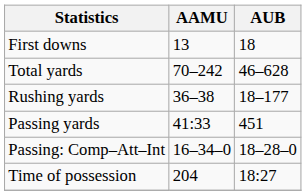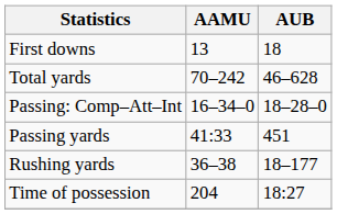 <table class="wikitable" style="float: left;">
 <tr>
 <th>Statistics</th>
 <th>AAMU</th>
 <th>AUB</th>
 </tr>
 <tr>
 <td>First downs</td>
 <td>13</td>
 <td>18</td>
 </tr>
 <tr>
 <td>Total yards</td>
 <td>70–242</td>
 <td>46–628</td>
 </tr>
 <tr>
-<td>Rushing yards</td>
-<td>36–38</td>
-<td>18–177</td>
+<td>Passing: Comp–Att–Int</td>
+<td>16–34–0</td>
+<td>18–28–0</td>
 </tr>
 <tr>
 <td>Passing yards</td>
 <td>41:33</td>
 <td>451</td>
 </tr>
 <tr>
-<td>Passing: Comp–Att–Int</td>
-<td>16–34–0</td>
-<td>18–28–0</td>
+<td>Rushing yards</td>
+<td>36–38</td>
+<td>18–177</td>
 </tr>
 <tr>
 <td>Time of possession</td>
 <td>204</td>
 <td>18:27</td>
 </tr>
 <tr>
 </tr>
 </table>
